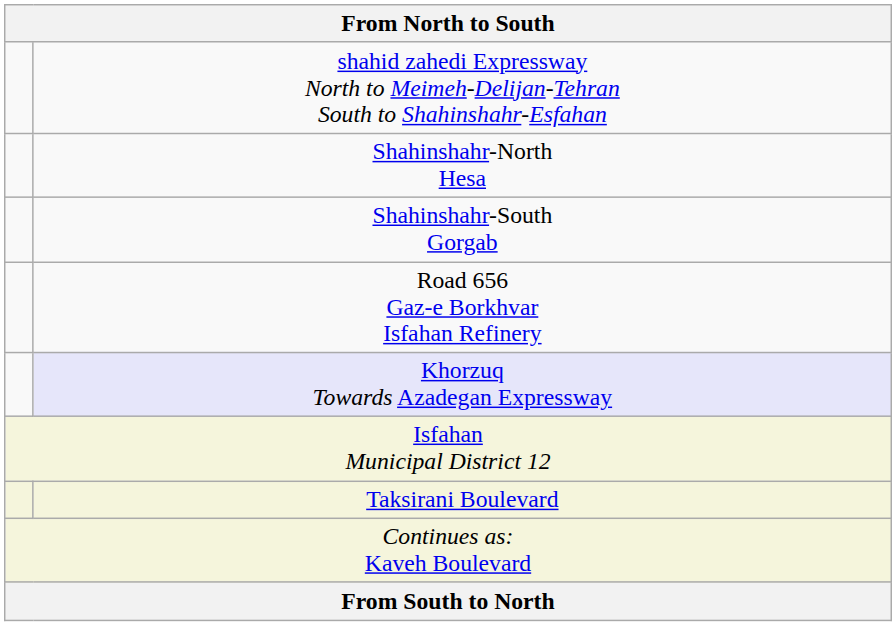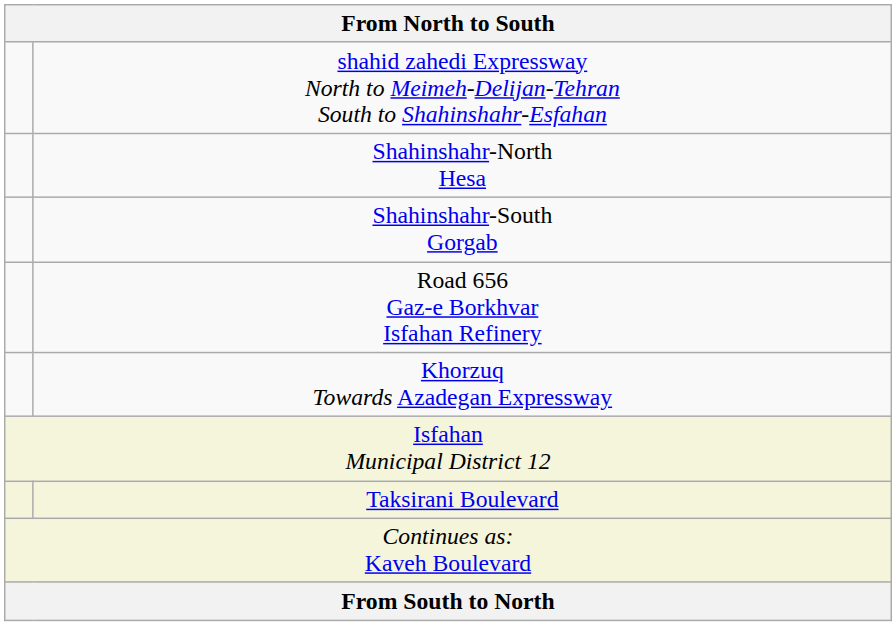 <table class="wikitable" style="text-align:center" width="600px">
 <tr>
 <th text-align="center" colspan="3"> From North to South </th>
 </tr>
 <tr>
 <td><br></td>
 <td> <a href='#'>shahid zahedi Expressway</a><br><em>North to <a href='#'>Meimeh</a>-<a href='#'>Delijan</a>-<a href='#'>Tehran</a></em><br><em>South to <a href='#'>Shahinshahr</a>-<a href='#'>Esfahan</a></em></td>
 </tr>
 <tr>
 <td></td>
 <td> <a href='#'>Shahinshahr</a>-North<br> <a href='#'>Hesa</a></td>
 </tr>
 <tr>
 <td></td>
 <td> <a href='#'>Shahinshahr</a>-South<br> <a href='#'>Gorgab</a></td>
 </tr>
 <tr>
 <td></td>
 <td> Road 656<br> <a href='#'>Gaz-e Borkhvar</a><br><a href='#'>Isfahan Refinery</a></td>
 </tr>
 <tr>
 <td></td>
-<td style="background: lavender;"> <a href='#'>Khorzuq</a><br><em>Towards</em>  <a href='#'>Azadegan Expressway</a></td>
+<td> <a href='#'>Khorzuq</a><br><em>Towards</em>  <a href='#'>Azadegan Expressway</a></td>
 </tr>
 <tr>
 <td colspan="7" align="center" bgcolor="#F5 F5 DC">  <a href='#'>Isfahan</a> <br><em>Municipal District 12</em></td>
 </tr>
 <tr>
 <td align="center" colspan="1" bgcolor="F5 F5 DC"><br></td>
 <td align="center" colspan="1" bgcolor="F5 F5 DC"> <a href='#'>Taksirani Boulevard</a></td>
 </tr>
 <tr>
 <td colspan="7" align="center" bgcolor="#F5 F5 DC"><em>Continues as:</em><br> <a href='#'>Kaveh Boulevard</a></td>
 </tr>
 <tr>
 <th text-align="center" colspan="3"> From South to North </th>
 </tr>
 </table>
